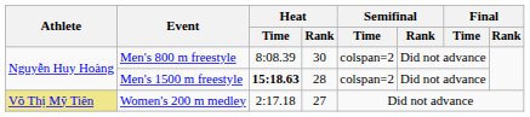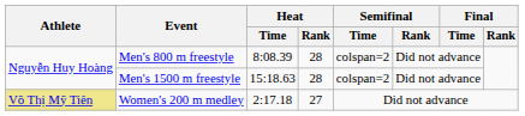 <table class=wikitable style="font-size:90%;">
 <tr>
 <th rowspan=2>Athlete</th>
 <th rowspan=2>Event</th>
 <th colspan=2>Heat</th>
 <th colspan=2>Semifinal</th>
 <th colspan=2>Final</th>
 </tr>
 <tr style=font-size:95%>
 <th>Time</th>
 <th>Rank</th>
 <th>Time</th>
 <th>Rank</th>
 <th>Time</th>
 <th>Rank</th>
 </tr>
 <tr align=center>
 <td align=left rowspan=2><a href='#'>Nguyễn Huy Hoàng</a></td>
 <td align=left><a href='#'>Men's 800 m freestyle</a></td>
 <td>8:08.39</td>
-<td>30</td>
+<td>28</td>
 <td>colspan=2 </td>
 <td colspan=2>Did not advance</td>
 </tr>
 <tr align=center>
 <td align=left><a href='#'>Men's 1500 m freestyle</a></td>
-<td><strong>15:18.63</strong></td>
+<td>15:18.63</td>
 <td>28</td>
 <td>colspan=2 </td>
 <td colspan=2>Did not advance</td>
 </tr>
 <tr align=center>
 <td align=left style="background: khaki;"><a href='#'>Võ Thị Mỹ Tiên</a></td>
 <td align=left><a href='#'>Women's 200 m medley</a></td>
 <td>2:17.18</td>
 <td>27</td>
 <td colspan=4>Did not advance</td>
 </tr>
 </table>
